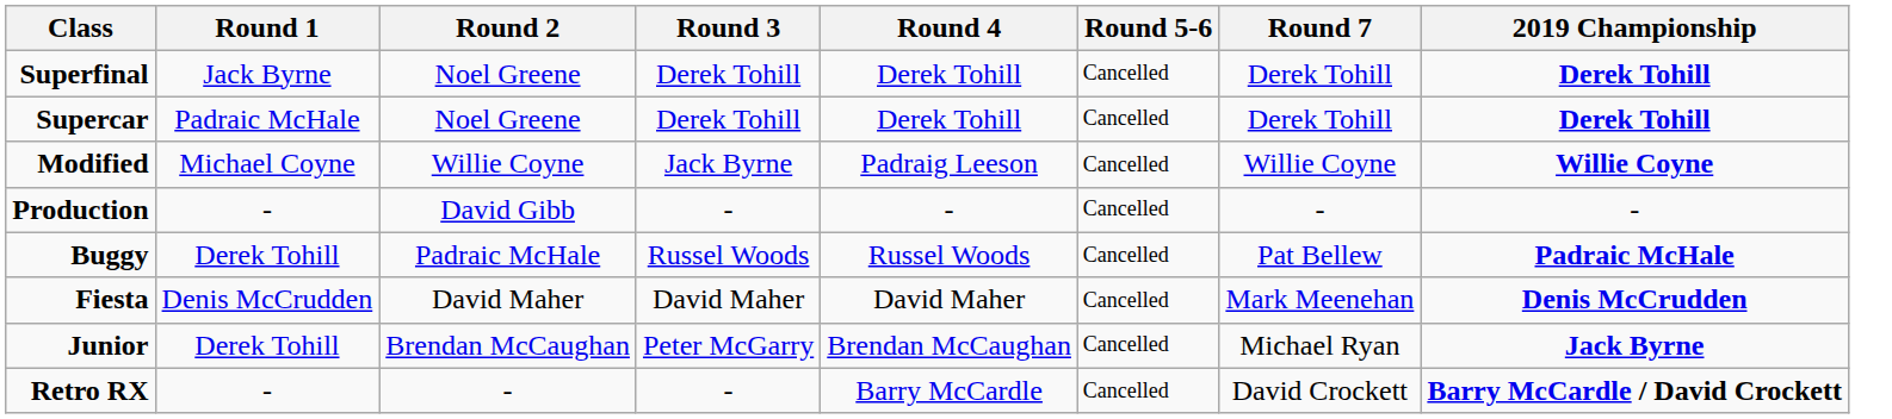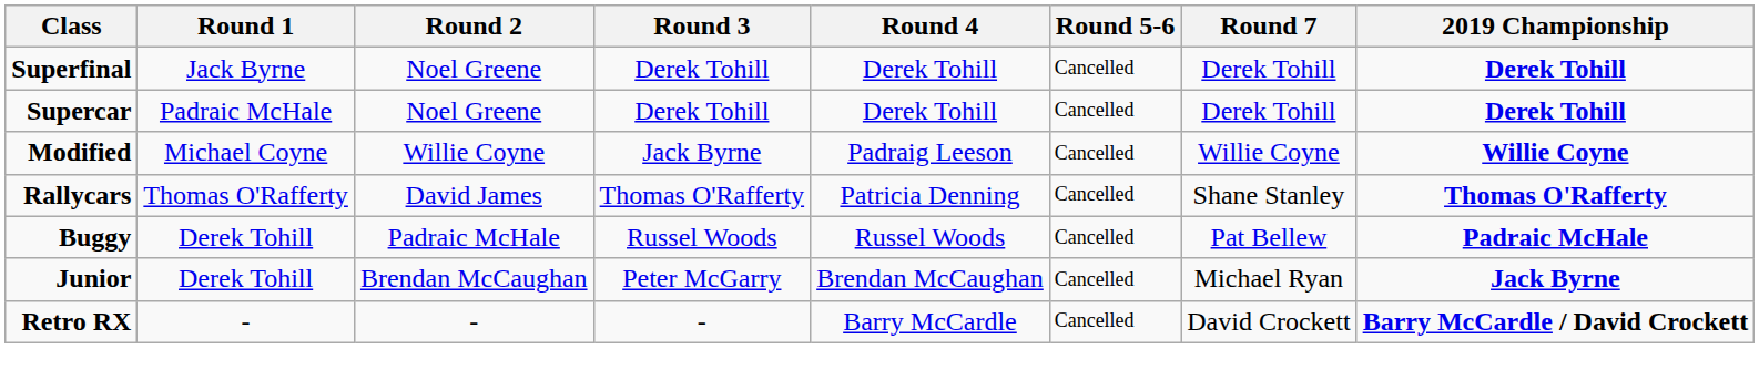 <table class="wikitable" style="text–align:centre">
 <tr>
 <th>Class</th>
 <th>Round 1</th>
 <th>Round 2</th>
 <th>Round 3</th>
 <th>Round 4</th>
 <th>Round 5-6</th>
 <th>Round 7</th>
 <th>2019 Championship</th>
 </tr>
 <tr>
 <td align="right"><strong>Superfinal</strong></td>
 <td align="center"><a href='#'>Jack Byrne</a></td>
 <td align="center"><a href='#'>Noel Greene</a></td>
 <td align="center"><a href='#'>Derek Tohill</a></td>
 <td align="center"><a href='#'>Derek Tohill</a></td>
 <td style="font-size:75%;">Cancelled</td>
 <td align="center"><a href='#'>Derek Tohill</a></td>
 <td align="center"><strong><a href='#'>Derek Tohill</a></strong></td>
 </tr>
 <tr>
 <td align="right"><strong>Supercar</strong></td>
 <td align="center"><a href='#'>Padraic McHale</a></td>
 <td align="center"><a href='#'>Noel Greene</a></td>
 <td align="center"><a href='#'>Derek Tohill</a></td>
 <td align="center"><a href='#'>Derek Tohill</a></td>
 <td style="font-size:75%;">Cancelled</td>
 <td align="center"><a href='#'>Derek Tohill</a></td>
 <td align="center"><strong><a href='#'>Derek Tohill</a></strong></td>
 </tr>
 <tr>
 <td align="right"><strong>Modified</strong></td>
 <td align="center"><a href='#'>Michael Coyne</a></td>
 <td align="center"><a href='#'>Willie Coyne</a></td>
 <td align="center"><a href='#'>Jack Byrne</a></td>
 <td align="center"><a href='#'>Padraig Leeson</a></td>
 <td style="font-size:75%;">Cancelled</td>
 <td align="center"><a href='#'>Willie Coyne</a></td>
 <td align="center"><strong><a href='#'>Willie Coyne</a></strong></td>
 </tr>
 <tr>
-<td align="right"><strong>Production</strong></td>
-<td align="center">-</td>
-<td align="center"><a href='#'>David Gibb</a></td>
-<td align="center">-</td>
-<td align="center">-</td>
+<td align="right"><strong>Rallycars</strong></td>
+<td align="center"><a href='#'>Thomas O'Rafferty</a></td>
+<td align="center"><a href='#'>David James</a></td>
+<td align="center"><a href='#'>Thomas O'Rafferty</a></td>
+<td align="center"><a href='#'>Patricia Denning</a></td>
 <td style="font-size:75%;">Cancelled</td>
-<td align="center">-</td>
-<td align="center">-</td>
+<td align="center">Shane Stanley</td>
+<td align="center"><strong><a href='#'>Thomas O'Rafferty</a></strong></td>
 </tr>
 <tr>
 <td align="right"><strong>Buggy</strong></td>
 <td align="center"><a href='#'>Derek Tohill</a></td>
 <td align="center"><a href='#'>Padraic McHale</a></td>
 <td align="center"><a href='#'>Russel Woods</a></td>
 <td align="center"><a href='#'>Russel Woods</a></td>
 <td style="font-size:75%;">Cancelled</td>
 <td align="center"><a href='#'>Pat Bellew</a></td>
 <td align="center"><strong><a href='#'>Padraic McHale</a></strong></td>
-</tr>
-<tr>
-<td align="right"><strong>Fiesta</strong></td>
-<td align="center"><a href='#'>Denis McCrudden</a></td>
-<td align="center">David Maher</td>
-<td align="center">David Maher</td>
-<td align="center">David Maher</td>
-<td style="font-size:75%;">Cancelled</td>
-<td align="center"><a href='#'>Mark Meenehan</a></td>
-<td align="center"><strong><a href='#'>Denis McCrudden</a></strong></td>
 </tr>
 <tr>
 <td align="right"><strong>Junior</strong></td>
 <td align="center"><a href='#'>Derek Tohill</a></td>
 <td align="center"><a href='#'>Brendan McCaughan</a></td>
 <td align="center"><a href='#'>Peter McGarry</a></td>
 <td align="center"><a href='#'>Brendan McCaughan</a></td>
 <td style="font-size:75%;">Cancelled</td>
 <td align="center">Michael Ryan</td>
 <td align="center"><strong><a href='#'>Jack Byrne</a></strong></td>
 </tr>
 <tr>
 <td align="right"><strong>Retro RX</strong></td>
 <td align="center">-</td>
 <td align="center">-</td>
 <td align="center">-</td>
 <td align="center"><a href='#'>Barry McCardle</a></td>
 <td style="font-size:75%;">Cancelled</td>
 <td align="center">David Crockett</td>
 <td align="center"><strong><a href='#'>Barry McCardle</a> / David Crockett</strong></td>
 </tr>
 </table>
